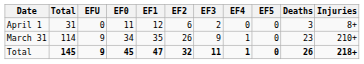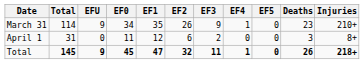 <table class="wikitable sortable" style="margin: 1em auto 1em auto;">
 <tr>
 <th scope="col">Date</th>
 <th scope="col" style="text-align:center;">Total</th>
 <th scope="col" style="text-align:center;"> EFU </th>
 <th scope="col" style="text-align:center;"> EF0 </th>
 <th scope="col" style="text-align:center;"> EF1 </th>
 <th scope="col" style="text-align:center;"> EF2 </th>
 <th scope="col" style="text-align:center;"> EF3 </th>
 <th scope="col" style="text-align:center;"> EF4 </th>
 <th scope="col" style="text-align:center;"> EF5 </th>
 <th scope="col" style="text-align:center;">Deaths</th>
 <th scope="col" style="text-align:center;">Injuries</th>
 </tr>
 <tr>
+<td>March 31</td>
+<td align="right">114</td>
+<td align="right">9</td>
+<td align="right">34</td>
+<td align="right">35</td>
+<td align="right">26</td>
+<td align="right">9</td>
+<td align="right">1</td>
+<td align="right">0</td>
+<td align="right">23</td>
+<td align="right">210+</td>
+</tr>
+<tr>
 <td>April 1</td>
 <td align="right">31</td>
 <td align="right">0</td>
 <td align="right">11</td>
 <td align="right">12</td>
 <td align="right">6</td>
 <td align="right">2</td>
 <td align="right">0</td>
 <td align="right">0</td>
 <td align="right">3</td>
 <td align="right">8+</td>
-</tr>
-<tr>
-<td>March 31</td>
-<td align="right">114</td>
-<td align="right">9</td>
-<td align="right">34</td>
-<td align="right">35</td>
-<td align="right">26</td>
-<td align="right">9</td>
-<td align="right">1</td>
-<td align="right">0</td>
-<td align="right">23</td>
-<td align="right">210+</td>
 </tr>
 <tr class="sortbottom">
 <td>Total</td>
 <td align="right"><strong>145</strong></td>
 <td align="right"><strong>9</strong></td>
 <td align="right"><strong>45</strong></td>
 <td align="right"><strong>47</strong></td>
 <td align="right"><strong>32</strong></td>
 <td align="right"><strong>11</strong></td>
 <td align="right"><strong>1</strong></td>
 <td align="right"><strong>0</strong></td>
 <td style="text-align:right;"><strong>26</strong></td>
 <td style="text-align:right;"><strong>218+</strong></td>
 </tr>
 </table>
